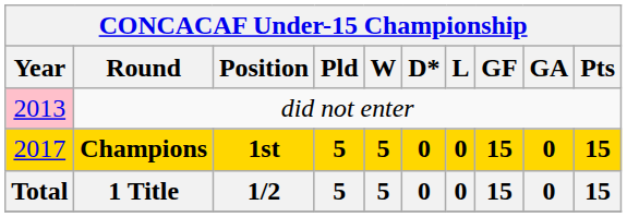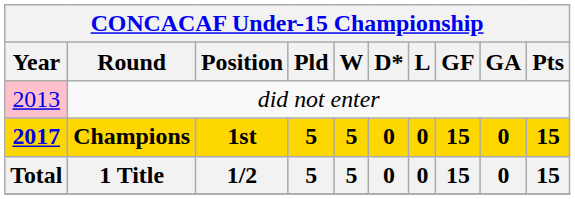 <table class="wikitable" style="text-align: center;">
 <tr>
 <th colspan=10><a href='#'>CONCACAF Under-15 Championship</a></th>
 </tr>
 <tr>
 <th>Year</th>
 <th>Round</th>
 <th>Position</th>
 <th>Pld</th>
 <th>W</th>
 <th>D*</th>
 <th>L</th>
 <th>GF</th>
 <th>GA</th>
 <th>Pts</th>
 </tr>
 <tr>
 <td style="background: pink;"> <a href='#'>2013</a></td>
 <td colspan=9><em>did not enter</em></td>
 </tr>
 <tr bgcolor=Gold>
-<td> <a href='#'>2017</a></td>
+<td><strong> <a href='#'>2017</a></strong></td>
 <td><strong>Champions</strong></td>
 <td><strong>1st</strong></td>
 <td><strong>5</strong></td>
 <td><strong>5</strong></td>
 <td><strong>0</strong></td>
 <td><strong>0</strong></td>
 <td><strong>15</strong></td>
 <td><strong>0</strong></td>
 <td><strong>15</strong></td>
 </tr>
 <tr>
 <th>Total</th>
 <th>1 Title</th>
 <th>1/2</th>
 <th>5</th>
 <th>5</th>
 <th>0</th>
 <th>0</th>
 <th>15</th>
 <th>0</th>
 <th>15</th>
 </tr>
 <tr>
 </tr>
 </table>
